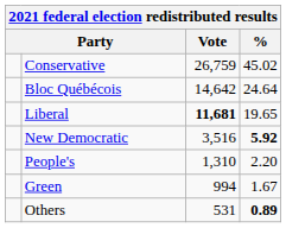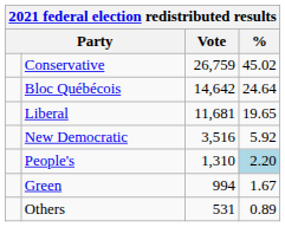 <table class="wikitable">
 <tr>
 <th colspan="4"><a href='#'>2021 federal election</a> redistributed results</th>
 </tr>
 <tr>
 <th bgcolor="#DDDDFF" width="130px" colspan="2">Party</th>
 <th bgcolor="#DDDDFF" width="50px">Vote</th>
 <th bgcolor="#DDDDFF" width="30px">%</th>
 </tr>
 <tr>
 <td> </td>
 <td><a href='#'>Conservative</a></td>
 <td align=right>26,759</td>
 <td align=right>45.02</td>
 </tr>
 <tr>
 <td> </td>
 <td><a href='#'>Bloc Québécois</a></td>
 <td align=right>14,642</td>
 <td align=right>24.64</td>
 </tr>
 <tr>
 <td> </td>
 <td><a href='#'>Liberal</a></td>
-<td align=right><strong>11,681</strong></td>
+<td align=right>11,681</td>
 <td align=right>19.65</td>
 </tr>
 <tr>
 <td> </td>
 <td><a href='#'>New Democratic</a></td>
 <td align=right>3,516</td>
-<td align=right><strong>5.92</strong></td>
+<td align=right>5.92</td>
 </tr>
 <tr>
 <td> </td>
 <td><a href='#'>People's</a></td>
 <td align=right>1,310</td>
-<td align=right>2.20</td>
+<td align=right style="background: lightblue;">2.20</td>
 </tr>
 <tr>
 <td> </td>
 <td><a href='#'>Green</a></td>
 <td align=right>994</td>
 <td align=right>1.67</td>
 </tr>
 <tr>
 <td> </td>
 <td>Others</td>
 <td align=right>531</td>
-<td align=right><strong>0.89</strong></td>
+<td align=right>0.89</td>
 </tr>
 </table>
